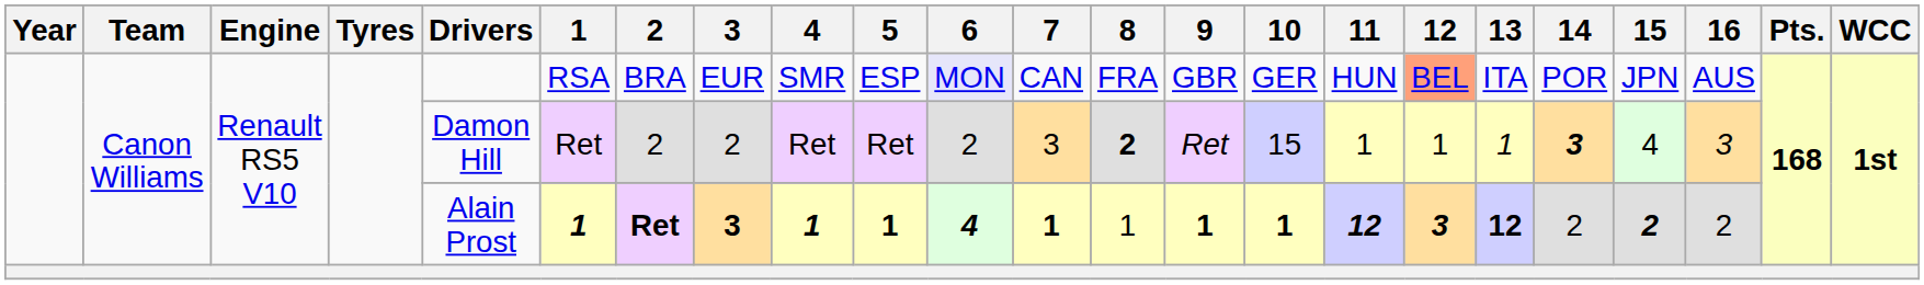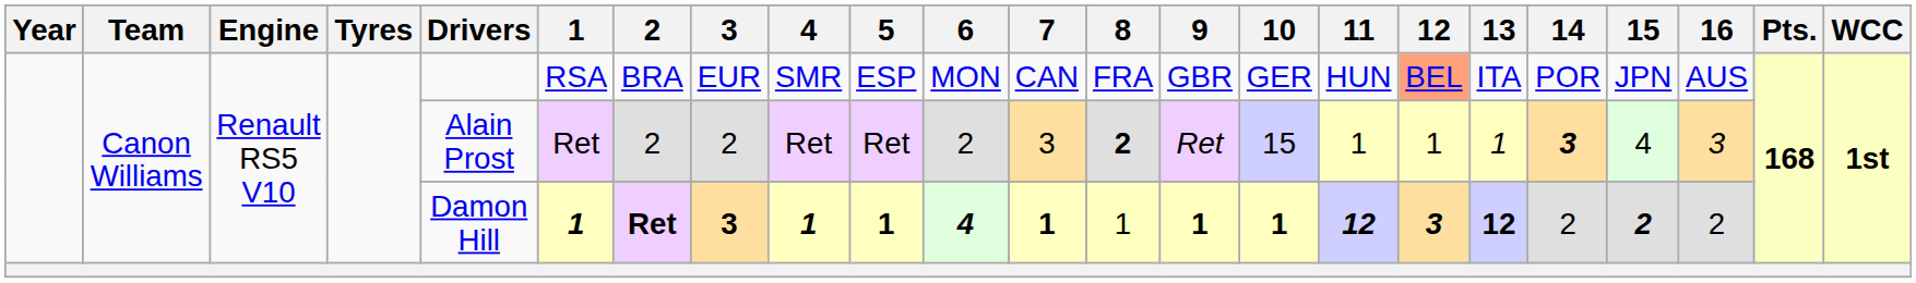 <table class="wikitable" style="text-align:center; font-size:95%">
 <tr>
 <th>Year</th>
 <th>Team</th>
 <th>Engine</th>
 <th>Tyres</th>
 <th>Drivers</th>
 <th>1</th>
 <th>2</th>
 <th>3</th>
 <th>4</th>
 <th>5</th>
 <th>6</th>
 <th>7</th>
 <th>8</th>
 <th>9</th>
 <th>10</th>
 <th>11</th>
 <th>12</th>
 <th>13</th>
 <th>14</th>
 <th>15</th>
 <th>16</th>
 <th>Pts.</th>
 <th>WCC</th>
 </tr>
 <tr>
 <td rowspan="3"></td>
 <td rowspan="3"><a href='#'>Canon</a> <a href='#'>Williams</a></td>
 <td rowspan="3"><a href='#'>Renault</a> RS5<br> <a href='#'>V10</a></td>
 <td rowspan="3"></td>
 <td></td>
 <td><a href='#'>RSA</a></td>
 <td><a href='#'>BRA</a></td>
 <td><a href='#'>EUR</a></td>
 <td><a href='#'>SMR</a></td>
 <td><a href='#'>ESP</a></td>
-<td style="background: lavender;"><a href='#'>MON</a></td>
+<td><a href='#'>MON</a></td>
 <td><a href='#'>CAN</a></td>
 <td><a href='#'>FRA</a></td>
 <td><a href='#'>GBR</a></td>
 <td><a href='#'>GER</a></td>
 <td><a href='#'>HUN</a></td>
 <td style="background: lightsalmon;"><a href='#'>BEL</a></td>
 <td><a href='#'>ITA</a></td>
 <td><a href='#'>POR</a></td>
 <td><a href='#'>JPN</a></td>
 <td><a href='#'>AUS</a></td>
 <td rowspan="3" style="background:#fbffbf;"><strong>168</strong></td>
 <td rowspan="3" style="background:#fbffbf;"><strong>1st</strong></td>
 </tr>
 <tr>
-<td> <a href='#'>Damon Hill</a></td>
+<td> <a href='#'>Alain Prost</a></td>
 <td style="background:#efcfff;">Ret</td>
 <td style="background:#dfdfdf;">2</td>
 <td style="background:#dfdfdf;">2</td>
 <td style="background:#efcfff;">Ret</td>
 <td style="background:#efcfff;">Ret</td>
 <td style="background:#dfdfdf;">2</td>
 <td style="background:#ffdf9f;">3</td>
 <td style="background:#dfdfdf;"><strong>2</strong></td>
 <td style="background:#efcfff;"><em>Ret</em></td>
 <td style="background:#cfcfff;">15</td>
 <td style="background:#ffffbf;">1</td>
 <td style="background:#ffffbf;">1</td>
 <td style="background:#ffffbf;"><em>1</em></td>
 <td style="background:#ffdf9f;"><strong><em>3</em></strong></td>
 <td style="background:#dfffdf;">4</td>
 <td style="background:#ffdf9f;"><em>3</em></td>
 </tr>
 <tr>
-<td> <a href='#'>Alain Prost</a></td>
+<td> <a href='#'>Damon Hill</a></td>
 <td style="background:#ffffbf;"><strong><em>1</em></strong></td>
 <td style="background:#efcfff;"><strong>Ret</strong></td>
 <td style="background:#ffdf9f;"><strong>3</strong></td>
 <td style="background:#ffffbf;"><strong><em>1</em></strong></td>
 <td style="background:#ffffbf;"><strong>1</strong></td>
 <td style="background:#dfffdf;"><strong><em>4</em></strong></td>
 <td style="background:#ffffbf;"><strong>1</strong></td>
 <td style="background:#ffffbf;">1</td>
 <td style="background:#ffffbf;"><strong>1</strong></td>
 <td style="background:#ffffbf;"><strong>1</strong></td>
 <td style="background:#cfcfff;"><strong><em>12</em></strong></td>
 <td style="background:#ffdf9f;"><strong><em>3</em></strong></td>
 <td style="background:#cfcfff;"><strong>12</strong></td>
 <td style="background:#dfdfdf;">2</td>
 <td style="background:#dfdfdf;"><strong><em>2</em></strong></td>
 <td style="background:#dfdfdf;">2</td>
 </tr>
 <tr>
 <th colspan="23"></th>
 </tr>
 </table>
